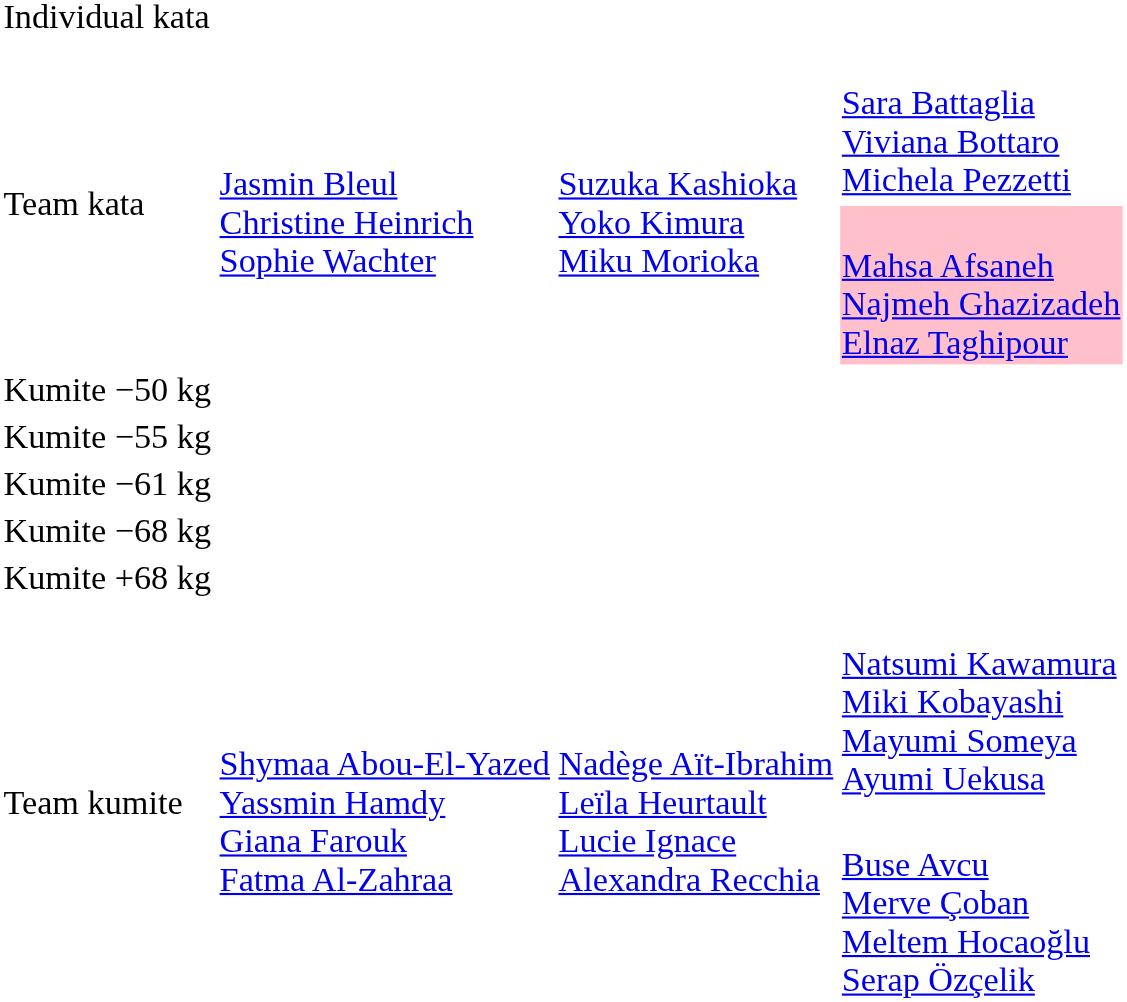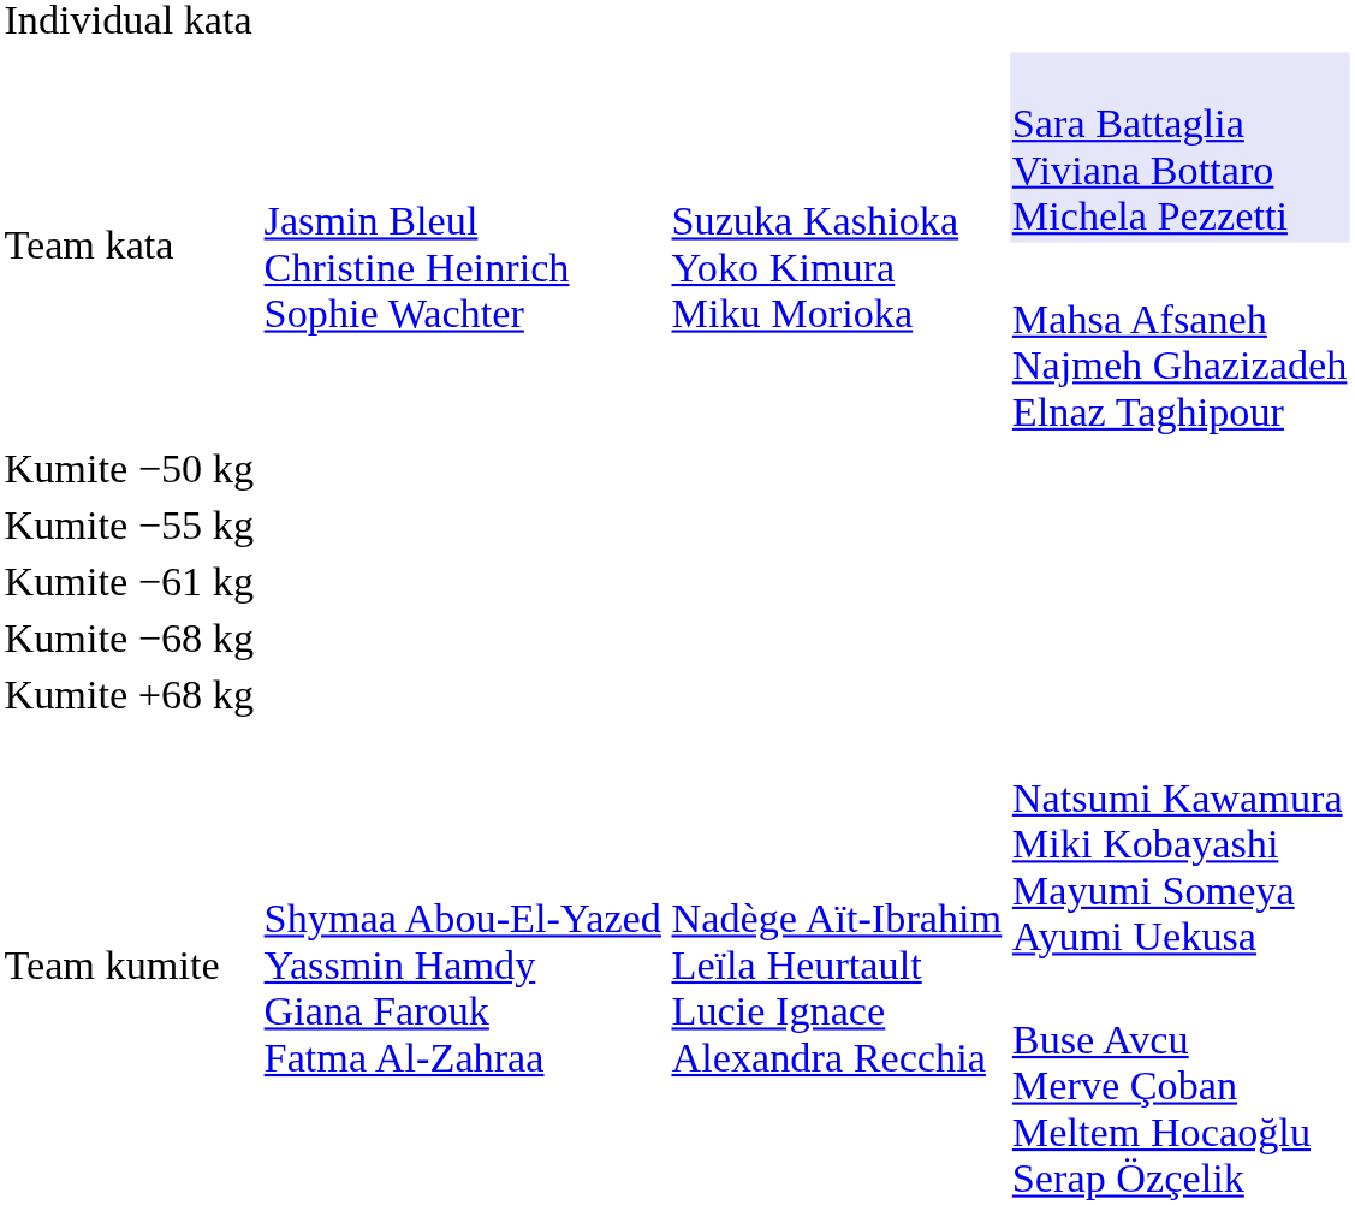 <table>
 <tr>
 <td rowspan=2>Individual kata</td>
 <td rowspan=2></td>
 <td rowspan=2></td>
 <td></td>
 </tr>
 <tr>
 <td></td>
 </tr>
 <tr>
 <td rowspan=2>Team kata</td>
 <td rowspan=2><br><a href='#'>Jasmin Bleul</a><br><a href='#'>Christine Heinrich</a><br><a href='#'>Sophie Wachter</a></td>
 <td rowspan=2><br><a href='#'>Suzuka Kashioka</a><br><a href='#'>Yoko Kimura</a><br><a href='#'>Miku Morioka</a></td>
-<td><br><a href='#'>Sara Battaglia</a><br><a href='#'>Viviana Bottaro</a><br><a href='#'>Michela Pezzetti</a></td>
+<td style="background: lavender;"><br><a href='#'>Sara Battaglia</a><br><a href='#'>Viviana Bottaro</a><br><a href='#'>Michela Pezzetti</a></td>
 </tr>
 <tr>
-<td style="background: pink;"><br><a href='#'>Mahsa Afsaneh</a><br><a href='#'>Najmeh Ghazizadeh</a><br><a href='#'>Elnaz Taghipour</a></td>
+<td><br><a href='#'>Mahsa Afsaneh</a><br><a href='#'>Najmeh Ghazizadeh</a><br><a href='#'>Elnaz Taghipour</a></td>
 </tr>
 <tr>
 <td rowspan=2>Kumite −50 kg</td>
 <td rowspan=2></td>
 <td rowspan=2></td>
 <td></td>
 </tr>
 <tr>
 <td></td>
 </tr>
 <tr>
 <td rowspan=2>Kumite −55 kg</td>
 <td rowspan=2></td>
 <td rowspan=2></td>
 <td></td>
 </tr>
 <tr>
 <td></td>
 </tr>
 <tr>
 <td rowspan=2>Kumite −61 kg</td>
 <td rowspan=2></td>
 <td rowspan=2></td>
 <td></td>
 </tr>
 <tr>
 <td></td>
 </tr>
 <tr>
 <td rowspan=2>Kumite −68 kg</td>
 <td rowspan=2></td>
 <td rowspan=2></td>
 <td></td>
 </tr>
 <tr>
 <td></td>
 </tr>
 <tr>
 <td rowspan=2>Kumite +68 kg</td>
 <td rowspan=2></td>
 <td rowspan=2></td>
 <td></td>
 </tr>
 <tr>
 <td></td>
 </tr>
 <tr>
 <td rowspan=2>Team kumite</td>
 <td rowspan=2><br><a href='#'>Shymaa Abou-El-Yazed</a><br><a href='#'>Yassmin Hamdy</a><br><a href='#'>Giana Farouk</a><br><a href='#'>Fatma Al-Zahraa</a></td>
 <td rowspan=2><br><a href='#'>Nadège Aït-Ibrahim</a><br><a href='#'>Leïla Heurtault</a><br><a href='#'>Lucie Ignace</a><br><a href='#'>Alexandra Recchia</a></td>
 <td><br><a href='#'>Natsumi Kawamura</a><br><a href='#'>Miki Kobayashi</a><br><a href='#'>Mayumi Someya</a><br><a href='#'>Ayumi Uekusa</a></td>
 </tr>
 <tr>
 <td><br><a href='#'>Buse Avcu</a><br><a href='#'>Merve Çoban</a><br><a href='#'>Meltem Hocaoğlu</a><br><a href='#'>Serap Özçelik</a></td>
 </tr>
 </table>
